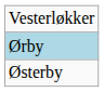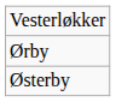 <table class="wikitable" style="float:left; margin-right:1em">
 <tr>
 <td>Vesterløkker</td>
 </tr>
 <tr>
-<td style="background: lightblue;">Ørby</td>
+<td>Ørby</td>
 </tr>
 <tr>
 <td>Østerby</td>
 </tr>
 </table>
